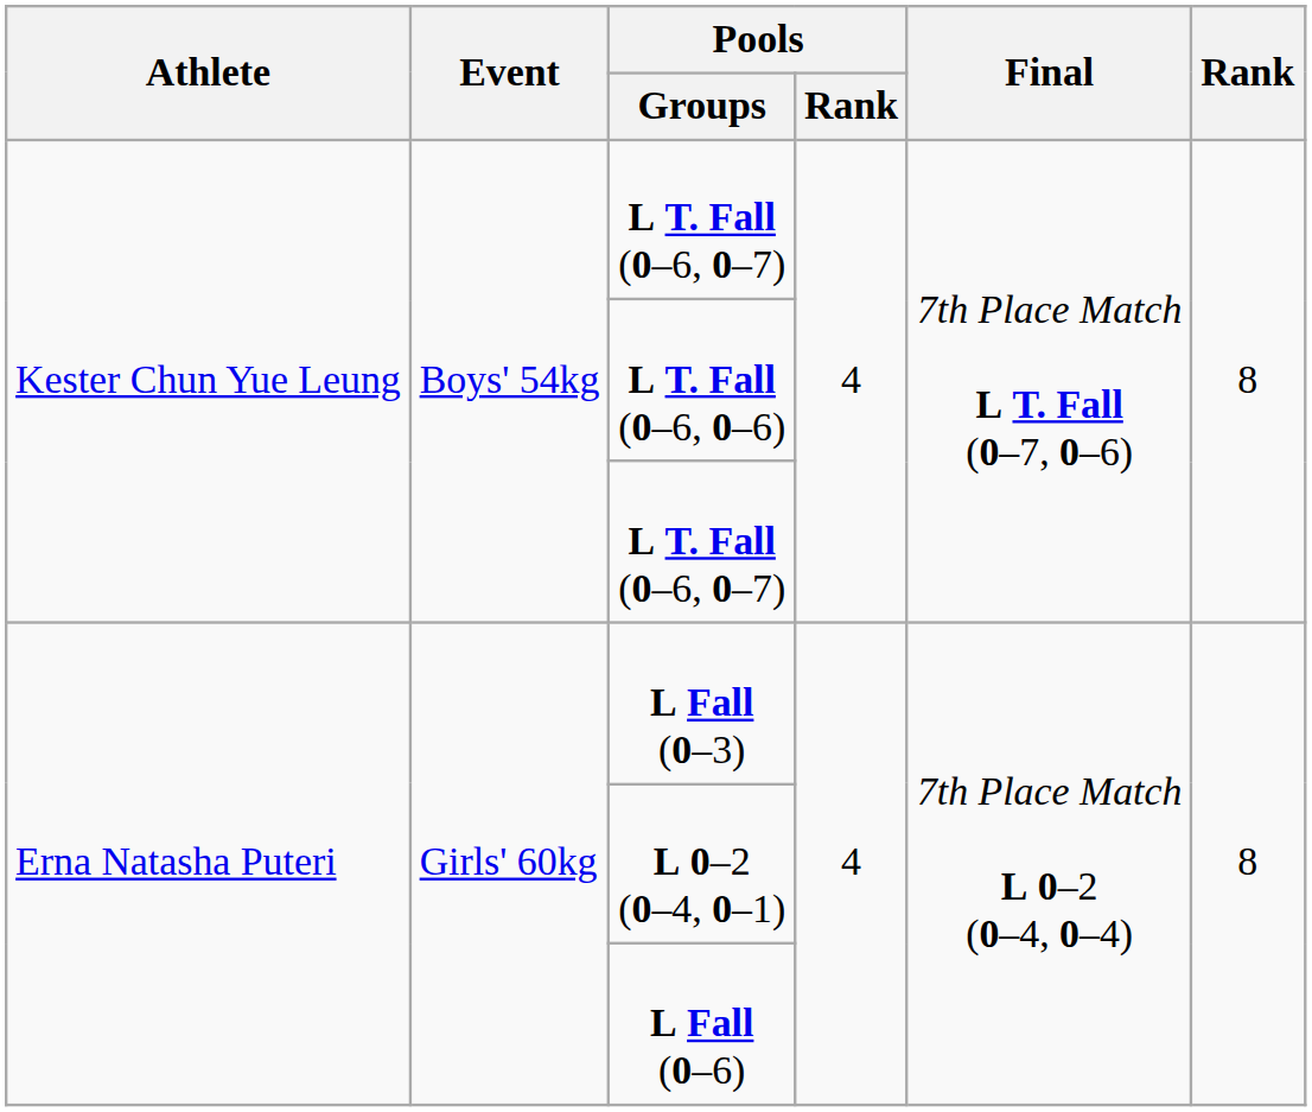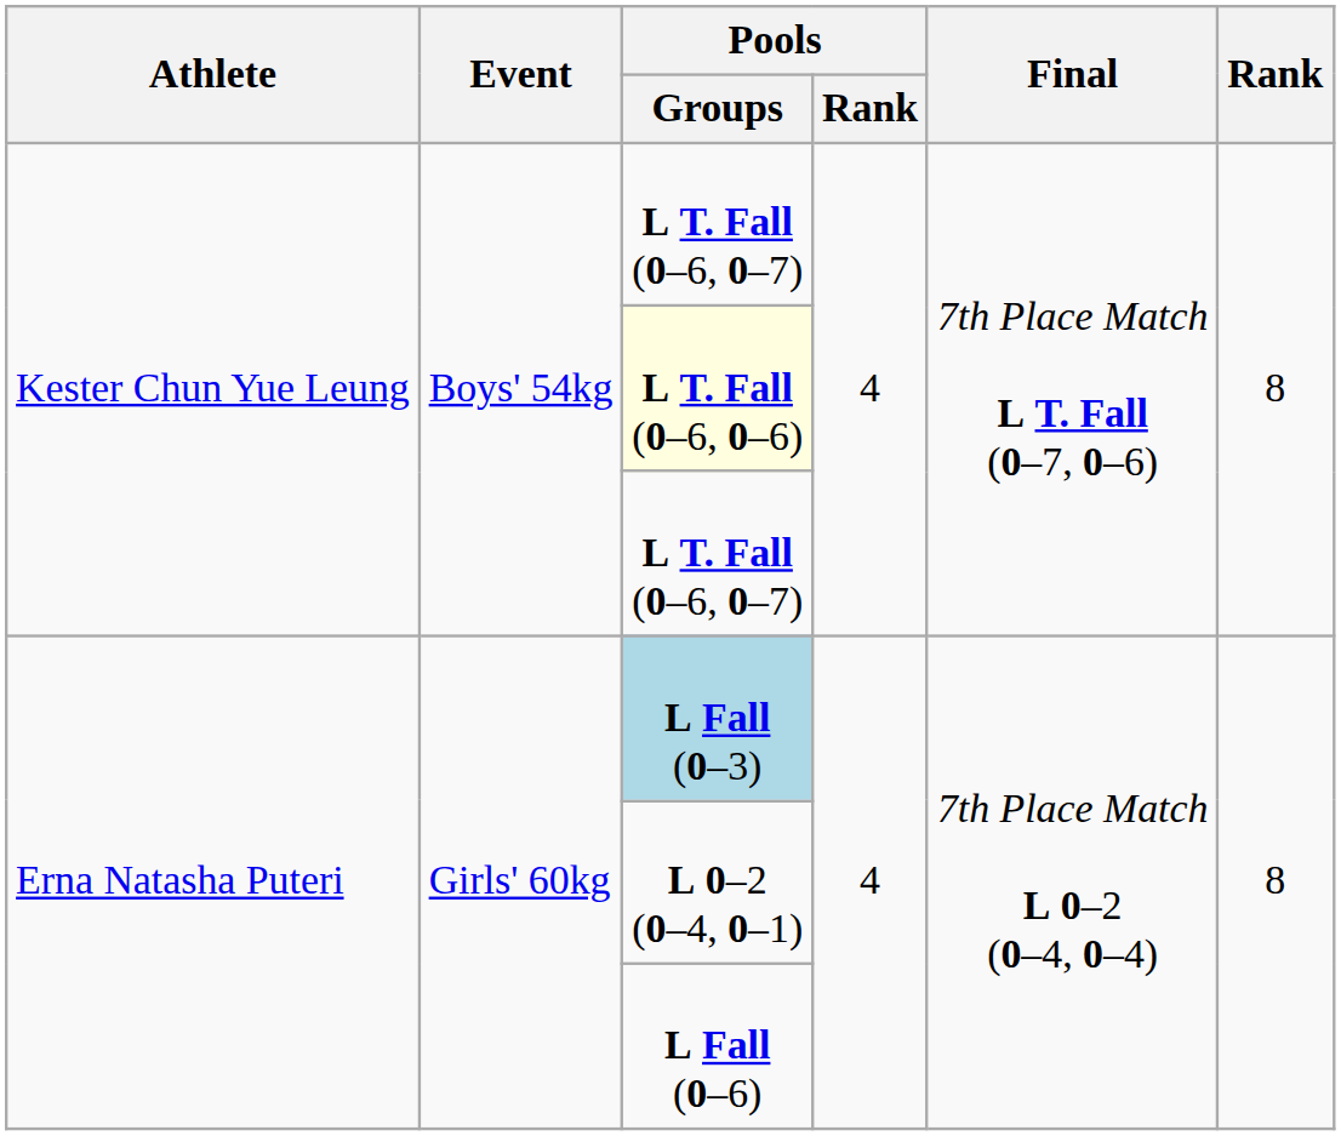 <table class="wikitable" style="text-align:left; font-size:90%">
 <tr>
 <th rowspan="2">Athlete</th>
 <th rowspan="2">Event</th>
 <th colspan="2">Pools</th>
 <th rowspan="2">Final</th>
 <th rowspan="2">Rank</th>
 </tr>
 <tr>
 <th>Groups</th>
 <th>Rank</th>
 </tr>
 <tr>
 <td rowspan="3"><a href='#'>Kester Chun Yue Leung</a></td>
 <td rowspan="3"><a href='#'>Boys' 54kg</a></td>
 <td align=center><br><strong>L</strong> <strong><a href='#'>T. Fall</a></strong><br>(<strong>0</strong>–6, <strong>0</strong>–7)</td>
 <td rowspan="3" align=center>4</td>
 <td align=center rowspan=3><em>7th Place Match</em><br><br><strong>L</strong> <strong><a href='#'>T. Fall</a></strong><br>(<strong>0</strong>–7, <strong>0</strong>–6)</td>
 <td rowspan="3" align="center">8</td>
 </tr>
 <tr>
-<td align=center><br><strong>L</strong> <strong><a href='#'>T. Fall</a></strong><br>(<strong>0</strong>–6, <strong>0</strong>–6)</td>
+<td align=center style="background: lightyellow;"><br><strong>L</strong> <strong><a href='#'>T. Fall</a></strong><br>(<strong>0</strong>–6, <strong>0</strong>–6)</td>
 </tr>
 <tr>
 <td align=center><br><strong>L</strong> <strong><a href='#'>T. Fall</a></strong><br>(<strong>0</strong>–6, <strong>0</strong>–7)</td>
 </tr>
 <tr>
 <td rowspan="3"><a href='#'>Erna Natasha Puteri</a></td>
 <td rowspan="3"><a href='#'>Girls' 60kg</a></td>
-<td align=center><br><strong>L</strong> <strong><a href='#'>Fall</a></strong><br>(<strong>0</strong>–3)</td>
+<td align=center style="background: lightblue;"><br><strong>L</strong> <strong><a href='#'>Fall</a></strong><br>(<strong>0</strong>–3)</td>
 <td rowspan="3" align=center>4</td>
 <td align=center rowspan=3><em>7th Place Match</em><br><br><strong>L</strong> <strong>0</strong>–2<br>(<strong>0</strong>–4, <strong>0</strong>–4)</td>
 <td rowspan="3" align="center">8</td>
 </tr>
 <tr>
 <td align=center><br><strong>L</strong> <strong>0</strong>–2<br>(<strong>0</strong>–4, <strong>0</strong>–1)</td>
 </tr>
 <tr>
 <td align=center><br><strong>L</strong> <strong><a href='#'>Fall</a></strong><br>(<strong>0</strong>–6)</td>
 </tr>
 </table>
